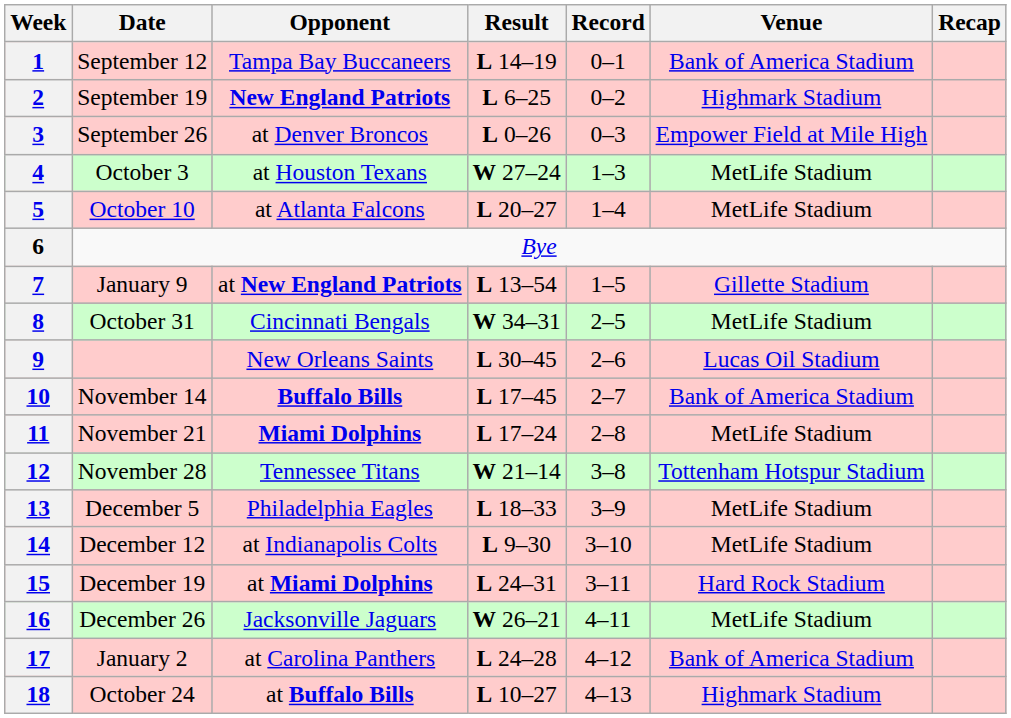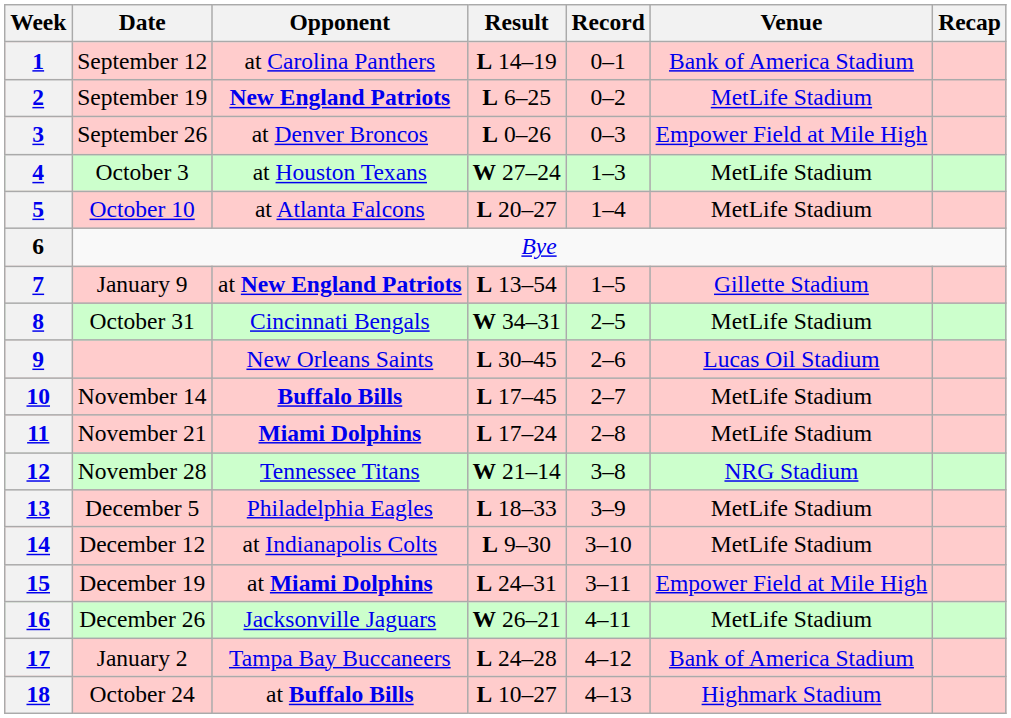 <table class="wikitable" style="text-align:center">
 <tr>
 <th>Week</th>
 <th>Date</th>
 <th>Opponent</th>
 <th>Result</th>
 <th>Record</th>
 <th>Venue</th>
 <th>Recap</th>
 </tr>
 <tr style="background:#fcc">
 <th><a href='#'>1</a></th>
 <td>September 12</td>
-<td><a href='#'>Tampa Bay Buccaneers</a></td>
+<td>at <a href='#'>Carolina Panthers</a></td>
 <td><strong>L</strong> 14–19</td>
 <td>0–1</td>
 <td><a href='#'>Bank of America Stadium</a></td>
 <td></td>
 </tr>
 <tr style="background:#fcc">
 <th><a href='#'>2</a></th>
 <td>September 19</td>
 <td><strong><a href='#'>New England Patriots</a></strong></td>
 <td><strong>L</strong> 6–25</td>
 <td>0–2</td>
-<td><a href='#'>Highmark Stadium</a></td>
+<td><a href='#'>MetLife Stadium</a></td>
 <td></td>
 </tr>
 <tr style="background:#fcc">
 <th><a href='#'>3</a></th>
 <td>September 26</td>
 <td>at <a href='#'>Denver Broncos</a></td>
 <td><strong>L</strong> 0–26</td>
 <td>0–3</td>
 <td><a href='#'>Empower Field at Mile High</a></td>
 <td></td>
 </tr>
 <tr style="background:#cfc">
 <th><a href='#'>4</a></th>
 <td>October 3</td>
 <td>at <a href='#'>Houston Texans</a></td>
 <td><strong>W</strong> 27–24 </td>
 <td>1–3</td>
 <td>MetLife Stadium</td>
 <td></td>
 </tr>
 <tr style="background:#fcc">
 <th><a href='#'>5</a></th>
 <td><a href='#'>October 10</a></td>
 <td>at <a href='#'>Atlanta Falcons</a></td>
 <td><strong>L</strong> 20–27</td>
 <td>1–4</td>
 <td>MetLife Stadium</td>
 <td></td>
 </tr>
 <tr>
 <th>6</th>
 <td colspan="6"><em><a href='#'>Bye</a></em></td>
 </tr>
 <tr style="background:#fcc">
 <th><a href='#'>7</a></th>
 <td>January 9</td>
 <td>at <strong><a href='#'>New England Patriots</a></strong></td>
 <td><strong>L</strong> 13–54</td>
 <td>1–5</td>
 <td><a href='#'>Gillette Stadium</a></td>
 <td></td>
 </tr>
 <tr style="background:#cfc">
 <th><a href='#'>8</a></th>
 <td>October 31</td>
 <td><a href='#'>Cincinnati Bengals</a></td>
 <td><strong>W</strong> 34–31</td>
 <td>2–5</td>
 <td>MetLife Stadium</td>
 <td></td>
 </tr>
 <tr style="background:#fcc">
 <th><a href='#'>9</a></th>
 <td></td>
 <td><a href='#'>New Orleans Saints</a></td>
 <td><strong>L</strong> 30–45</td>
 <td>2–6</td>
 <td><a href='#'>Lucas Oil Stadium</a></td>
 <td></td>
 </tr>
 <tr style="background:#fcc">
 <th><a href='#'>10</a></th>
 <td>November 14</td>
 <td><strong><a href='#'>Buffalo Bills</a></strong></td>
 <td><strong>L</strong> 17–45</td>
 <td>2–7</td>
-<td><a href='#'>Bank of America Stadium</a></td>
+<td>MetLife Stadium</td>
 <td></td>
 </tr>
 <tr style="background:#fcc">
 <th><a href='#'>11</a></th>
 <td>November 21</td>
 <td><strong><a href='#'>Miami Dolphins</a></strong></td>
 <td><strong>L</strong> 17–24</td>
 <td>2–8</td>
 <td>MetLife Stadium</td>
 <td></td>
 </tr>
 <tr style="background:#cfc">
 <th><a href='#'>12</a></th>
 <td>November 28</td>
 <td><a href='#'>Tennessee Titans</a></td>
 <td><strong>W</strong> 21–14</td>
 <td>3–8</td>
-<td> <a href='#'>Tottenham Hotspur Stadium</a> </td>
+<td><a href='#'>NRG Stadium</a></td>
 <td></td>
 </tr>
 <tr style="background:#fcc">
 <th><a href='#'>13</a></th>
 <td>December 5</td>
 <td><a href='#'>Philadelphia Eagles</a></td>
 <td><strong>L</strong> 18–33</td>
 <td>3–9</td>
 <td>MetLife Stadium</td>
 <td></td>
 </tr>
 <tr style="background:#fcc">
 <th><a href='#'>14</a></th>
 <td>December 12</td>
 <td>at <a href='#'>Indianapolis Colts</a></td>
 <td><strong>L</strong> 9–30</td>
 <td>3–10</td>
 <td>MetLife Stadium</td>
 <td></td>
 </tr>
 <tr style="background:#fcc">
 <th><a href='#'>15</a></th>
 <td>December 19</td>
 <td>at <strong><a href='#'>Miami Dolphins</a></strong></td>
 <td><strong>L</strong> 24–31</td>
 <td>3–11</td>
-<td><a href='#'>Hard Rock Stadium</a></td>
+<td><a href='#'>Empower Field at Mile High</a></td>
 <td></td>
 </tr>
 <tr style="background:#cfc">
 <th><a href='#'>16</a></th>
 <td>December 26</td>
 <td><a href='#'>Jacksonville Jaguars</a></td>
 <td><strong>W</strong> 26–21</td>
 <td>4–11</td>
 <td>MetLife Stadium</td>
 <td></td>
 </tr>
 <tr style="background:#fcc">
 <th><a href='#'>17</a></th>
 <td>January 2</td>
-<td>at <a href='#'>Carolina Panthers</a></td>
+<td><a href='#'>Tampa Bay Buccaneers</a></td>
 <td><strong>L</strong> 24–28</td>
 <td>4–12</td>
 <td><a href='#'>Bank of America Stadium</a></td>
 <td></td>
 </tr>
 <tr style="background:#fcc">
 <th><a href='#'>18</a></th>
 <td>October 24</td>
 <td>at <strong><a href='#'>Buffalo Bills</a></strong></td>
 <td><strong>L</strong> 10–27</td>
 <td>4–13</td>
 <td><a href='#'>Highmark Stadium</a></td>
 <td></td>
 </tr>
 </table>
